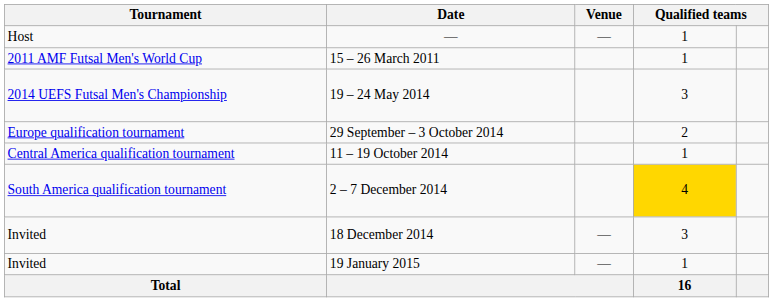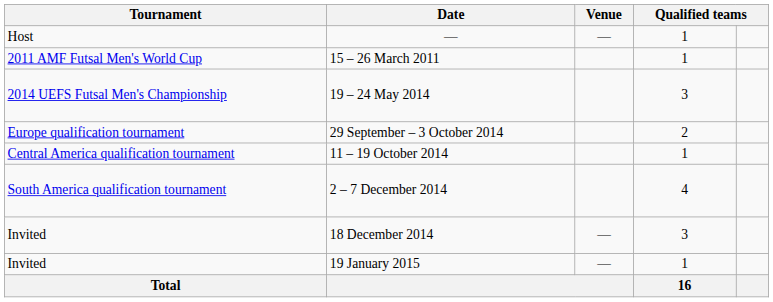 <table class="wikitable" width=900>
 <tr>
 <th>Tournament</th>
 <th>Date</th>
 <th>Venue</th>
 <th colspan="2">Qualified teams</th>
 </tr>
 <tr>
 <td>Host</td>
 <td align="center">—</td>
 <td align="center">—</td>
 <td align="center">1</td>
 <td></td>
 </tr>
 <tr>
 <td><a href='#'>2011 AMF Futsal Men's World Cup</a></td>
 <td>15 – 26 March 2011</td>
 <td></td>
 <td align="center">1</td>
 <td></td>
 </tr>
 <tr>
 <td><a href='#'>2014 UEFS Futsal Men's Championship</a></td>
 <td>19 – 24 May 2014</td>
 <td></td>
 <td align="center">3</td>
 <td><br><s></s><br><br></td>
 </tr>
 <tr>
 <td><a href='#'>Europe qualification tournament</a></td>
 <td>29 September – 3 October 2014</td>
 <td></td>
 <td align="center">2</td>
 <td><br></td>
 </tr>
 <tr>
 <td><a href='#'>Central America qualification tournament</a></td>
 <td>11 – 19 October 2014</td>
 <td></td>
 <td align="center">1</td>
 <td></td>
 </tr>
 <tr>
 <td><a href='#'>South America qualification tournament</a></td>
 <td>2 – 7 December 2014</td>
 <td></td>
-<td align="center" style="background: gold;">4</td>
+<td align="center">4</td>
 <td><br><br><br></td>
 </tr>
 <tr>
 <td>Invited</td>
 <td>18 December 2014</td>
 <td align="center">—</td>
 <td align="center">3</td>
 <td><br><br></td>
 </tr>
 <tr>
 <td>Invited</td>
 <td>19 January 2015</td>
 <td align="center">—</td>
 <td align="center">1</td>
 <td></td>
 </tr>
 <tr>
 <th>Total</th>
 <th colspan="2"></th>
 <th>16</th>
 <th></th>
 </tr>
 </table>
